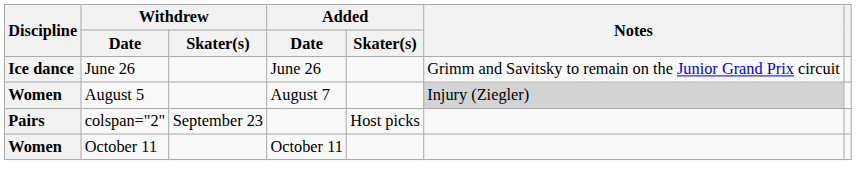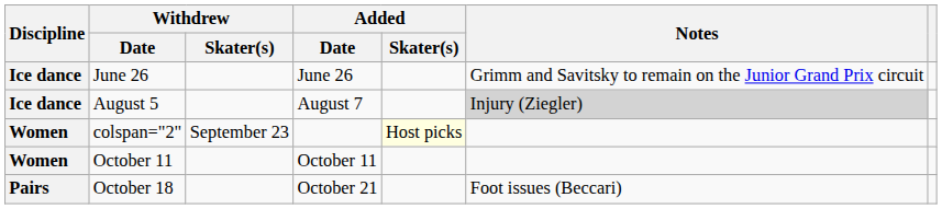 <table class="wikitable unsortable">
 <tr>
 <th scope="col" rowspan=2>Discipline</th>
 <th scope="col" colspan=2>Withdrew</th>
 <th scope="col" colspan=2>Added</th>
 <th scope="col" rowspan=2>Notes</th>
 <th scope="col" rowspan=2></th>
 </tr>
 <tr>
 <th>Date</th>
 <th>Skater(s)</th>
 <th>Date</th>
 <th>Skater(s)</th>
 </tr>
 <tr>
 <th scope="row" style="text-align:left">Ice dance</th>
 <td>June 26</td>
 <td></td>
 <td>June 26</td>
 <td></td>
 <td>Grimm and Savitsky to remain on the <a href='#'>Junior Grand Prix</a> circuit</td>
 <td></td>
 </tr>
 <tr>
-<th scope="row" style="text-align:left">Women</th>
+<th scope="row" style="text-align:left">Ice dance</th>
 <td>August 5</td>
 <td></td>
 <td>August 7</td>
 <td></td>
 <td style="background: lightgrey;">Injury (Ziegler)</td>
 <td></td>
 </tr>
 <tr>
-<th scope="row" style="text-align:left">Pairs</th>
+<th scope="row" style="text-align:left">Women</th>
 <td>colspan="2" </td>
 <td>September 23</td>
 <td></td>
-<td>Host picks</td>
+<td style="background: lightyellow;">Host picks</td>
 <td></td>
 </tr>
 <tr>
 <th scope="row" style="text-align:left">Women</th>
 <td>October 11</td>
 <td></td>
 <td>October 11</td>
 <td></td>
 <td></td>
 <td></td>
 </tr>
+<tr>
+<th scope="row" style="text-align:left">Pairs</th>
+<td>October 18</td>
+<td></td>
+<td>October 21</td>
+<td></td>
+<td>Foot issues (Beccari)</td>
+<td></td>
+</tr>
 </table>
